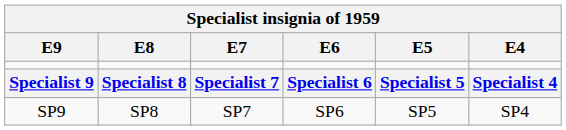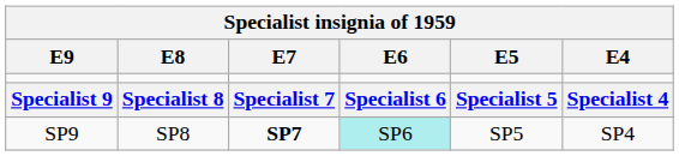 <table align=right class="wikitable" style="text-align:center">
 <tr>
 <th colspan=9>Specialist insignia of 1959</th>
 </tr>
 <tr>
 <th>E9</th>
 <th>E8</th>
 <th>E7</th>
 <th>E6</th>
 <th>E5</th>
 <th>E4</th>
 </tr>
 <tr>
 <td></td>
 <td></td>
 <td></td>
 <td></td>
 <td></td>
 <td></td>
 </tr>
 <tr>
 <th><a href='#'>Specialist 9</a></th>
 <th><a href='#'>Specialist 8</a></th>
 <th><a href='#'>Specialist 7</a></th>
 <th><a href='#'>Specialist 6</a></th>
 <th><a href='#'>Specialist 5</a></th>
 <th><a href='#'>Specialist 4</a></th>
 </tr>
 <tr>
 <td>SP9</td>
 <td>SP8</td>
-<td>SP7</td>
-<td>SP6</td>
+<td><strong>SP7</strong></td>
+<td style="background: paleturquoise;">SP6</td>
 <td>SP5</td>
 <td>SP4</td>
 </tr>
 </table>
